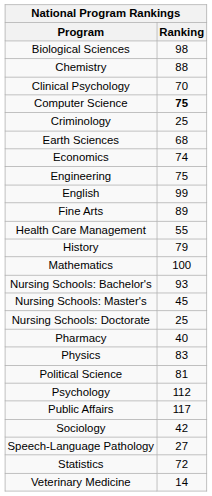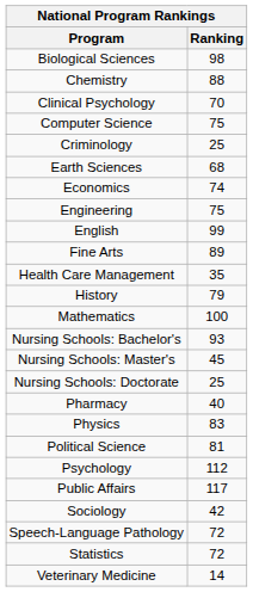 <table class="wikitable sortable collapsible collapsed" style="float:right; text-align:center">
 <tr>
 <th colspan=4>National Program Rankings</th>
 </tr>
 <tr>
 <th>Program</th>
 <th>Ranking</th>
 </tr>
 <tr>
 <td>Biological Sciences</td>
 <td>98</td>
 </tr>
 <tr>
 <td>Chemistry</td>
 <td>88</td>
 </tr>
 <tr>
 <td>Clinical Psychology</td>
 <td>70</td>
 </tr>
 <tr>
 <td>Computer Science</td>
-<td><strong>75</strong></td>
+<td>75</td>
 </tr>
 <tr>
 <td>Criminology</td>
 <td>25</td>
 </tr>
 <tr>
 <td>Earth Sciences</td>
 <td>68</td>
 </tr>
 <tr>
 <td>Economics</td>
 <td>74</td>
 </tr>
 <tr>
 <td>Engineering</td>
 <td>75</td>
 </tr>
 <tr>
 <td>English</td>
 <td>99</td>
 </tr>
 <tr>
 <td>Fine Arts</td>
 <td>89</td>
 </tr>
 <tr>
 <td>Health Care Management</td>
-<td>55</td>
+<td>35</td>
 </tr>
 <tr>
 <td>History</td>
 <td>79</td>
 </tr>
 <tr>
 <td>Mathematics</td>
 <td>100</td>
 </tr>
 <tr>
 <td>Nursing Schools: Bachelor's</td>
 <td>93</td>
 </tr>
 <tr>
 <td>Nursing Schools: Master's</td>
 <td>45</td>
 </tr>
 <tr>
 <td>Nursing Schools: Doctorate</td>
 <td>25</td>
 </tr>
 <tr>
 <td>Pharmacy</td>
 <td>40</td>
 </tr>
 <tr>
 <td>Physics</td>
 <td>83</td>
 </tr>
 <tr>
 <td>Political Science</td>
 <td>81</td>
 </tr>
 <tr>
 <td>Psychology</td>
 <td>112</td>
 </tr>
 <tr>
 <td>Public Affairs</td>
 <td>117</td>
 </tr>
 <tr>
 <td>Sociology</td>
 <td>42</td>
 </tr>
 <tr>
 <td>Speech-Language Pathology</td>
-<td>27</td>
+<td>72</td>
 </tr>
 <tr>
 <td>Statistics</td>
 <td>72</td>
 </tr>
 <tr>
 <td>Veterinary Medicine</td>
 <td>14</td>
 </tr>
 </table>
